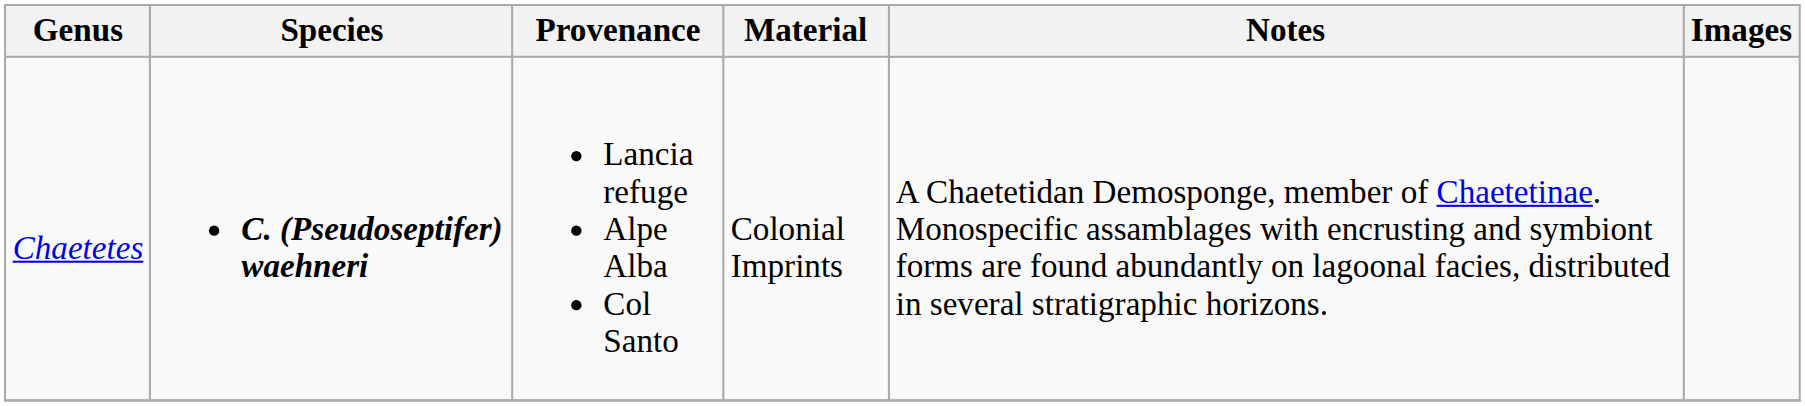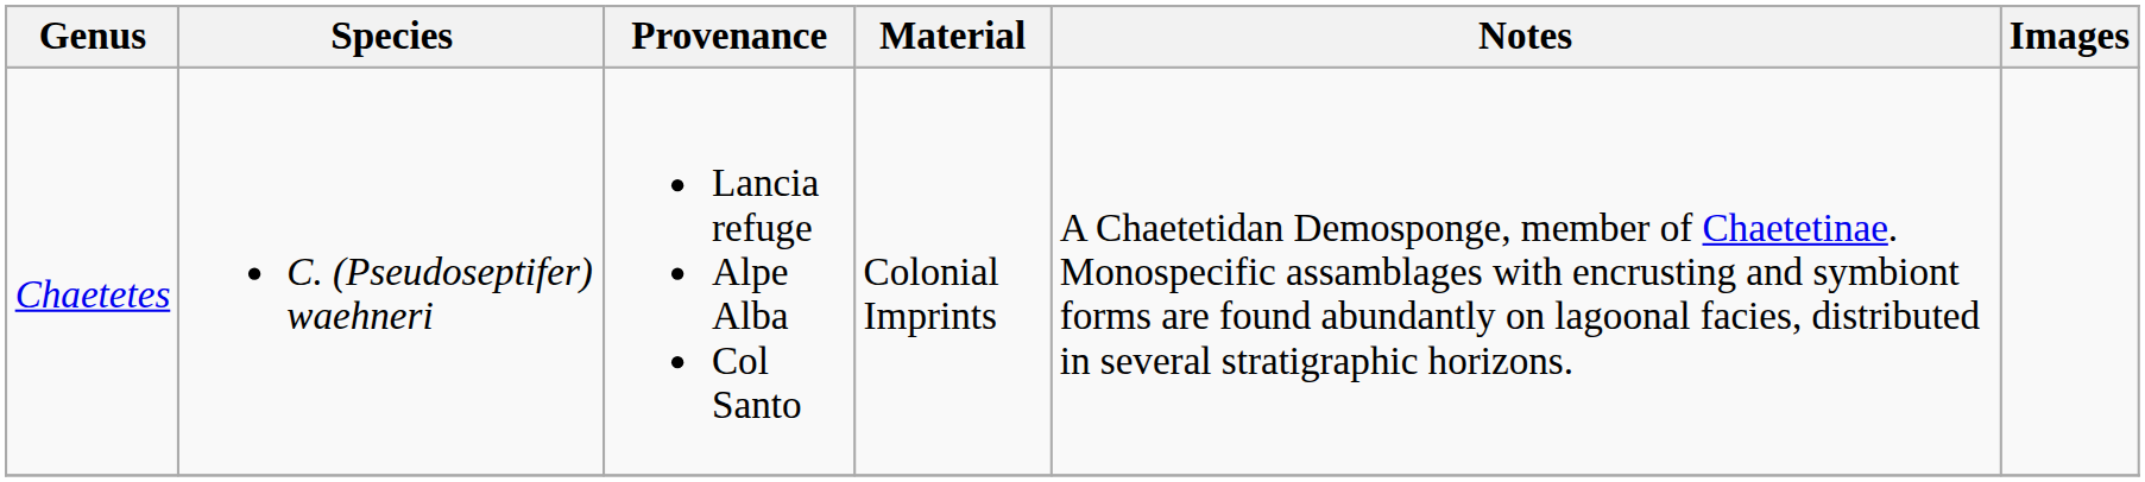 <table class = "wikitable">
 <tr>
 <th>Genus</th>
 <th>Species</th>
 <th>Provenance</th>
 <th>Material</th>
 <th>Notes</th>
 <th>Images</th>
 </tr>
 <tr>
 <td><br><em><a href='#'>Chaetetes</a></em></td>
-<td><strong><br><ul><li><em>C. (Pseudoseptifer) waehneri</em></li></ul></strong></td>
+<td><br><ul><li><em>C. (Pseudoseptifer) waehneri</em></li></ul></td>
 <td><br><ul><li>Lancia refuge</li><li>Alpe Alba</li><li>Col Santo</li></ul></td>
 <td><br>Colonial Imprints</td>
 <td><br>A Chaetetidan Demosponge, member of <a href='#'>Chaetetinae</a>. Monospecific assamblages with encrusting and symbiont forms are found abundantly on lagoonal facies, distributed in several stratigraphic horizons.</td>
 <td><br></td>
 </tr>
 <tr>
 </tr>
 </table>
